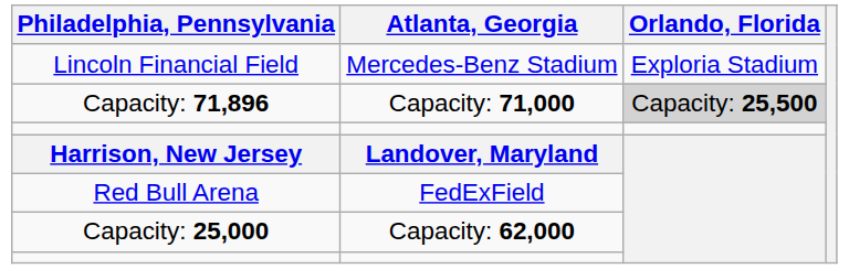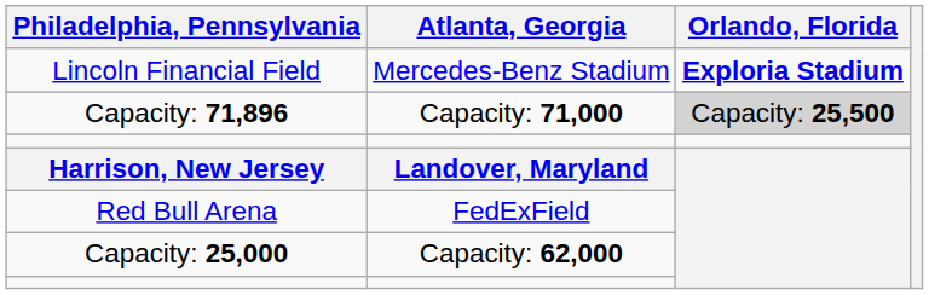 <table class="wikitable" style="margin:1em auto; text-align:center">
 <tr>
 <th><a href='#'>Philadelphia, Pennsylvania</a></th>
 <th><a href='#'>Atlanta, Georgia</a></th>
 <th><a href='#'>Orlando, Florida</a></th>
 <th rowspan="8"></th>
 </tr>
 <tr>
 <td><a href='#'>Lincoln Financial Field</a></td>
 <td><a href='#'>Mercedes-Benz Stadium</a></td>
-<td><a href='#'>Exploria Stadium</a></td>
+<td><strong><a href='#'>Exploria Stadium</a></strong></td>
 </tr>
 <tr>
 <td>Capacity: <strong>71,896</strong></td>
 <td>Capacity: <strong>71,000</strong></td>
 <td style="background: lightgrey;">Capacity: <strong>25,500</strong></td>
 </tr>
 <tr>
 <td></td>
 <td></td>
 <td></td>
 </tr>
 <tr>
 <th><a href='#'>Harrison, New Jersey</a></th>
 <th><a href='#'>Landover, Maryland</a></th>
 <th rowspan="4"></th>
 </tr>
 <tr>
 <td><a href='#'>Red Bull Arena</a></td>
 <td><a href='#'>FedExField</a></td>
 </tr>
 <tr>
 <td>Capacity: <strong>25,000</strong></td>
 <td>Capacity: <strong>62,000</strong></td>
 </tr>
 <tr>
 <td></td>
 <td></td>
 </tr>
 </table>
